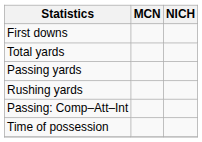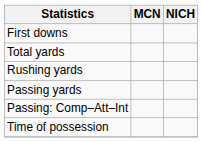 <table class="wikitable" style="float: left;">
 <tr>
 <th>Statistics</th>
 <th>MCN</th>
 <th>NICH</th>
 </tr>
 <tr>
 <td>First downs</td>
 <td></td>
 <td></td>
 </tr>
 <tr>
 <td>Total yards</td>
 <td></td>
 <td></td>
 </tr>
 <tr>
-<td>Passing yards</td>
+<td>Rushing yards</td>
 <td></td>
 <td></td>
 </tr>
 <tr>
-<td>Rushing yards</td>
+<td>Passing yards</td>
 <td></td>
 <td></td>
 </tr>
 <tr>
 <td>Passing: Comp–Att–Int</td>
 <td></td>
 <td></td>
 </tr>
 <tr>
 <td>Time of possession</td>
 <td></td>
 <td></td>
 </tr>
 <tr>
 </tr>
 </table>
